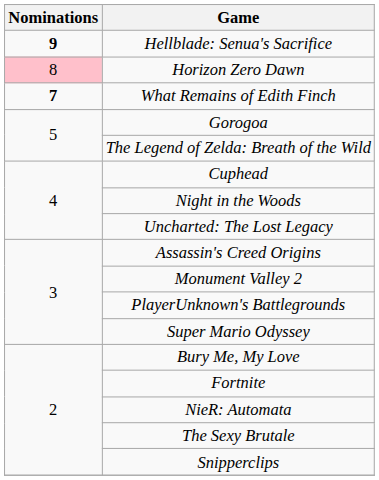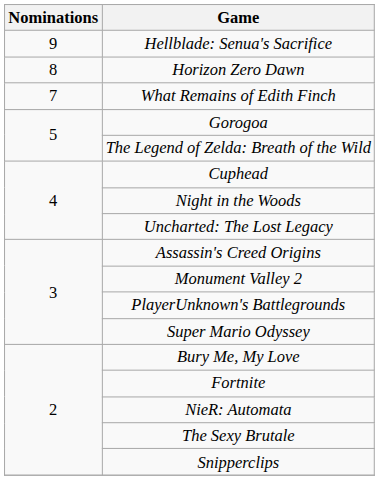 <table class="wikitable" style="text-align:center;">
 <tr>
 <th scope="col" width="55">Nominations</th>
 <th scope="col" align="center">Game</th>
 </tr>
 <tr>
-<td style="text-align:center"><strong>9</strong></td>
+<td style="text-align:center">9</td>
 <td><em>Hellblade: Senua's Sacrifice</em></td>
 </tr>
 <tr>
-<td style="background: pink; text-align:center">8</td>
+<td style="text-align:center">8</td>
 <td><em>Horizon Zero Dawn</em></td>
 </tr>
 <tr>
-<td style="text-align:center"><strong>7</strong></td>
+<td style="text-align:center">7</td>
 <td><em>What Remains of Edith Finch</em></td>
 </tr>
 <tr>
 <td rowspan="2" style="text-align:center">5</td>
 <td><em>Gorogoa</em></td>
 </tr>
 <tr>
 <td><em>The Legend of Zelda: Breath of the Wild</em></td>
 </tr>
 <tr>
 <td rowspan="3" style="text-align:center">4</td>
 <td><em>Cuphead</em></td>
 </tr>
 <tr>
 <td><em>Night in the Woods</em></td>
 </tr>
 <tr>
 <td><em>Uncharted: The Lost Legacy</em></td>
 </tr>
 <tr>
 <td rowspan="4" style="text-align:center">3</td>
 <td><em>Assassin's Creed Origins</em></td>
 </tr>
 <tr>
 <td><em>Monument Valley 2</em></td>
 </tr>
 <tr>
 <td><em>PlayerUnknown's Battlegrounds</em></td>
 </tr>
 <tr>
 <td><em>Super Mario Odyssey</em></td>
 </tr>
 <tr>
 <td rowspan="5" style="text-align:center">2</td>
 <td><em>Bury Me, My Love</em></td>
 </tr>
 <tr>
 <td><em>Fortnite</em></td>
 </tr>
 <tr>
 <td><em>NieR: Automata</em></td>
 </tr>
 <tr>
 <td><em>The Sexy Brutale</em></td>
 </tr>
 <tr>
 <td><em>Snipperclips</em></td>
 </tr>
 <tr>
 </tr>
 </table>
